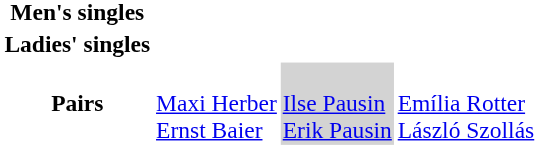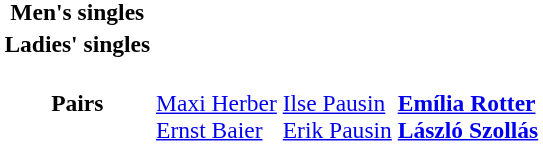 <table>
 <tr>
 </tr>
 <tr>
 <th scope="row">Men's singles<br></th>
 <td></td>
 <td></td>
 <td></td>
 </tr>
 <tr>
 <th scope="row">Ladies' singles<br></th>
 <td></td>
 <td></td>
 <td></td>
 </tr>
 <tr>
 <th scope="row">Pairs<br></th>
 <td><br><a href='#'>Maxi Herber</a> <br> <a href='#'>Ernst Baier</a></td>
-<td style="background: lightgrey;"><br><a href='#'>Ilse Pausin</a> <br> <a href='#'>Erik Pausin</a></td>
-<td><br><a href='#'>Emília Rotter</a> <br> <a href='#'>László Szollás</a></td>
+<td><br><a href='#'>Ilse Pausin</a> <br> <a href='#'>Erik Pausin</a></td>
+<td><strong><br><a href='#'>Emília Rotter</a> <br> <a href='#'>László Szollás</a></strong></td>
 </tr>
 </table>
